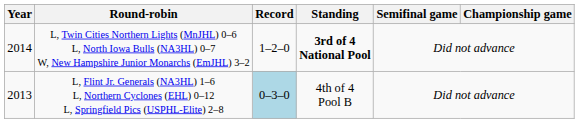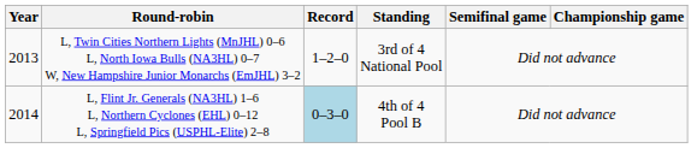 <table class="wikitable" style="text-align:center">
 <tr>
 <th>Year</th>
 <th>Round-robin</th>
 <th>Record</th>
 <th>Standing</th>
 <th>Semifinal game</th>
 <th>Championship game</th>
 </tr>
 <tr>
-<td>2014</td>
+<td>2013</td>
 <td><small>L, <a href='#'>Twin Cities Northern Lights</a> (<a href='#'>MnJHL</a>) 0–6<br>L, <a href='#'>North Iowa Bulls</a> (<a href='#'>NA3HL</a>) 0–7<br>W, <a href='#'>New Hampshire Junior Monarchs</a> (<a href='#'>EmJHL</a>) 3–2</small></td>
 <td>1–2–0</td>
-<td><strong>3rd of 4<br>National Pool</strong></td>
+<td>3rd of 4<br>National Pool</td>
 <td colspan=2><em>Did not advance</em></td>
 </tr>
 <tr>
-<td>2013</td>
+<td>2014</td>
 <td><small>L, <a href='#'>Flint Jr. Generals</a> (<a href='#'>NA3HL</a>) 1–6<br>L, <a href='#'>Northern Cyclones</a> (<a href='#'>EHL</a>) 0–12<br>L, <a href='#'>Springfield Pics</a> (<a href='#'>USPHL-Elite</a>) 2–8</small></td>
 <td style="background: lightblue;">0–3–0</td>
 <td>4th of 4<br>Pool B</td>
 <td colspan=2><em>Did not advance</em></td>
 </tr>
 </table>
